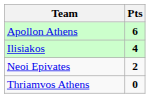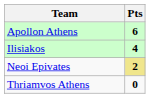 <table class="wikitable" style="text-align: center;">
 <tr>
 <th width=165>Team</th>
 <th width=20>Pts</th>
 </tr>
 <tr bgcolor="#ccffcc">
 <td align=left><a href='#'>Apollon Athens</a></td>
 <td><strong>6</strong></td>
 </tr>
 <tr bgcolor="#ccffcc">
 <td align=left><a href='#'>Ilisiakos</a></td>
 <td><strong>4</strong></td>
 </tr>
 <tr>
 <td align=left><a href='#'>Neoi Epivates</a></td>
-<td><strong>2</strong></td>
+<td style="background: khaki;"><strong>2</strong></td>
 </tr>
 <tr>
 <td align=left><a href='#'>Thriamvos Athens</a></td>
 <td><strong>0</strong></td>
 </tr>
 </table>
